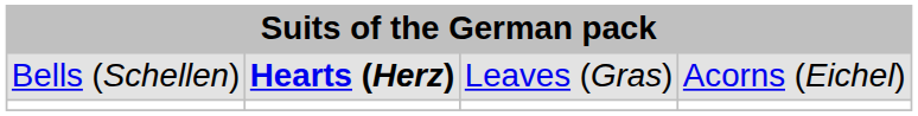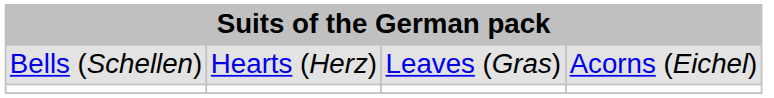 <table cellpadding="2" style="background: #c0c0c0; margin-left: 1em; border-spacing: 1px;">
 <tr align="center">
 <td colspan="4"><strong>Suits of the German pack</strong></td>
 </tr>
 <tr align="center">
 <td style="background: #e3e3e3;"><a href='#'>Bells</a> (<em>Schellen</em>)</td>
-<td style="background: #e3e3e3;"><strong><a href='#'>Hearts</a> (<em>Herz</em>)</strong></td>
+<td style="background: #e3e3e3;"><a href='#'>Hearts</a> (<em>Herz</em>)</td>
 <td style="background: #e3e3e3;"><a href='#'>Leaves</a> (<em>Gras</em>)</td>
 <td style="background: #e3e3e3;"><a href='#'>Acorns</a> (<em>Eichel</em>)</td>
 </tr>
 <tr align="center">
 <td style="background: #ffffff;"></td>
 <td style="background: #ffffff;"></td>
 <td style="background: #ffffff;"></td>
 <td style="background: #ffffff;"></td>
 </tr>
 </table>
